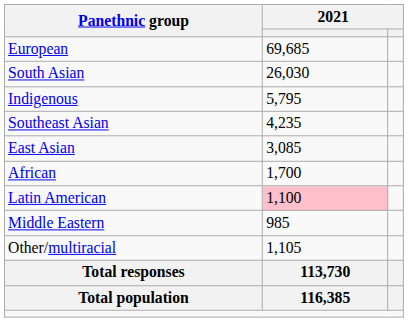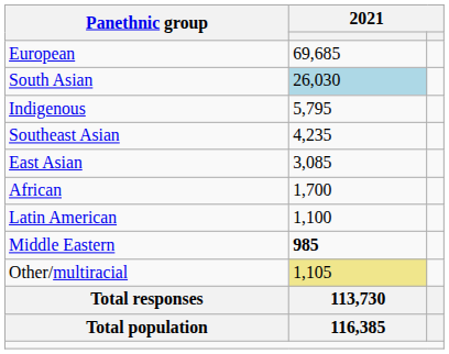 <table class="wikitable collapsible sortable">
 <tr>
 <th rowspan="2"><a href='#'>Panethnic</a> group</th>
 <th colspan="2">2021</th>
 </tr>
 <tr>
 <th><a href='#'></a></th>
 <th></th>
 </tr>
 <tr>
 <td><a href='#'>European</a></td>
 <td>69,685</td>
 <td></td>
 </tr>
 <tr>
 <td><a href='#'>South Asian</a></td>
-<td>26,030</td>
+<td style="background: lightblue;">26,030</td>
 <td></td>
 </tr>
 <tr>
 <td><a href='#'>Indigenous</a></td>
 <td>5,795</td>
 <td></td>
 </tr>
 <tr>
 <td><a href='#'>Southeast Asian</a></td>
 <td>4,235</td>
 <td></td>
 </tr>
 <tr>
 <td><a href='#'>East Asian</a></td>
 <td>3,085</td>
 <td></td>
 </tr>
 <tr>
 <td><a href='#'>African</a></td>
 <td>1,700</td>
 <td></td>
 </tr>
 <tr>
 <td><a href='#'>Latin American</a></td>
-<td style="background: pink;">1,100</td>
+<td>1,100</td>
 <td></td>
 </tr>
 <tr>
 <td><a href='#'>Middle Eastern</a></td>
-<td>985</td>
+<td><strong>985</strong></td>
 <td></td>
 </tr>
 <tr>
 <td>Other/<a href='#'>multiracial</a></td>
-<td>1,105</td>
+<td style="background: khaki;">1,105</td>
 <td></td>
 </tr>
 <tr>
 <th>Total responses</th>
 <th>113,730</th>
 <th></th>
 </tr>
 <tr class="sortbottom">
 <th>Total population</th>
 <th>116,385</th>
 <th></th>
 </tr>
 <tr class="sortbottom">
 <td colspan="15" style="width: 25em;"></td>
 </tr>
 </table>
